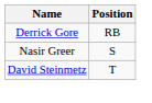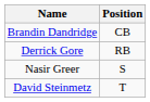 <table class="wikitable" style="text-align:center">
 <tr>
 <th>Name</th>
 <th>Position</th>
+</tr>
+<tr>
+<td><a href='#'>Brandin Dandridge</a></td>
+<td>CB</td>
 </tr>
 <tr>
 <td><a href='#'>Derrick Gore</a></td>
 <td>RB</td>
 </tr>
 <tr>
 <td>Nasir Greer</td>
 <td>S</td>
 </tr>
 <tr>
 <td><a href='#'>David Steinmetz</a></td>
 <td>T</td>
 </tr>
 </table>
